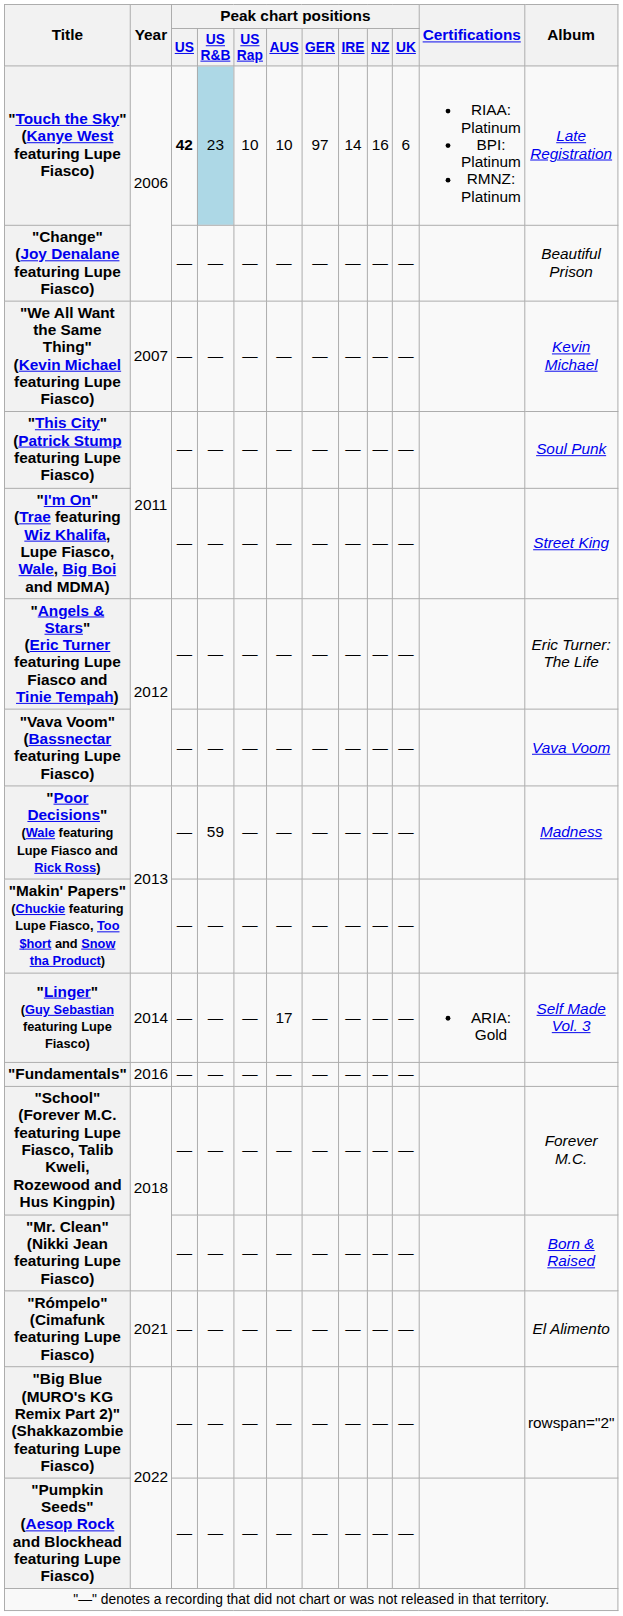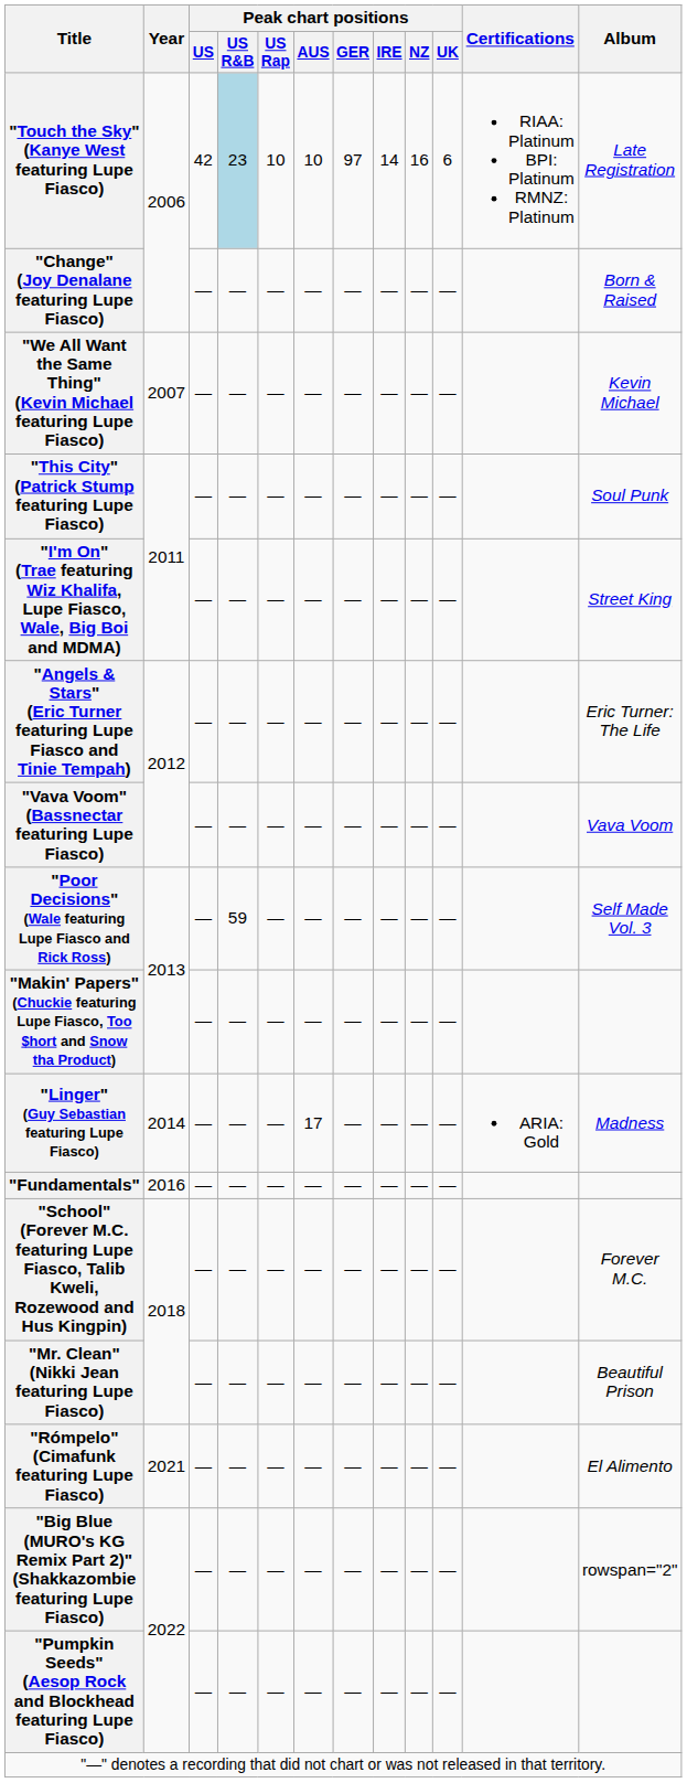 <table class="wikitable plainrowheaders" style="text-align:center;">
 <tr>
 <th scope="col" rowspan="2" style="width:20em;">Title</th>
 <th scope="col" rowspan="2" style="width:1em;">Year</th>
 <th scope="col" colspan="8">Peak chart positions</th>
 <th scope="col" rowspan="2" style="width:12em;"><a href='#'>Certifications</a></th>
 <th scope="col" rowspan="2">Album</th>
 </tr>
 <tr>
 <th style="width:3em;font-size:90%;"><a href='#'>US</a><br></th>
 <th style="width:3em;font-size:90%;"><a href='#'>US<br>R&B</a><br></th>
 <th style="width:3em;font-size:90%;"><a href='#'>US<br>Rap</a><br></th>
 <th style="width:3em;font-size:90%;"><a href='#'>AUS</a><br></th>
 <th style="width:3em;font-size:90%;"><a href='#'>GER</a><br></th>
 <th style="width:3em;font-size:90%;"><a href='#'>IRE</a><br></th>
 <th style="width:3em;font-size:90%;"><a href='#'>NZ</a><br></th>
 <th style="width:3em;font-size:90%;"><a href='#'>UK</a><br></th>
 </tr>
 <tr>
 <th scope="row">"<a href='#'>Touch the Sky</a>"<br><span>(<a href='#'>Kanye West</a> featuring Lupe Fiasco)</span></th>
 <td rowspan="2">2006</td>
-<td><strong>42</strong></td>
+<td>42</td>
 <td style="background: lightblue;">23</td>
 <td>10</td>
 <td>10</td>
 <td>97</td>
 <td>14</td>
 <td>16</td>
 <td>6</td>
 <td><br><ul><li>RIAA: Platinum</li><li>BPI: Platinum</li><li>RMNZ: Platinum</li></ul></td>
 <td><em><a href='#'>Late Registration</a></em></td>
 </tr>
 <tr>
 <th scope="row">"Change"<br><span>(<a href='#'>Joy Denalane</a> featuring Lupe Fiasco)</span></th>
 <td>—</td>
 <td>—</td>
 <td>—</td>
 <td>—</td>
 <td>—</td>
 <td>—</td>
 <td>—</td>
 <td>—</td>
 <td></td>
-<td><em>Beautiful Prison</em></td>
+<td><em><a href='#'>Born & Raised</a></em></td>
 </tr>
 <tr>
 <th scope="row">"We All Want the Same Thing"<br><span>(<a href='#'>Kevin Michael</a> featuring Lupe Fiasco)</span></th>
 <td>2007</td>
 <td>—</td>
 <td>—</td>
 <td>—</td>
 <td>—</td>
 <td>—</td>
 <td>—</td>
 <td>—</td>
 <td>—</td>
 <td></td>
 <td><em><a href='#'>Kevin Michael</a></em></td>
 </tr>
 <tr>
 <th scope="row">"<a href='#'>This City</a>"<br><span>(<a href='#'>Patrick Stump</a> featuring Lupe Fiasco)</span></th>
 <td rowspan="2">2011</td>
 <td>—</td>
 <td>—</td>
 <td>—</td>
 <td>—</td>
 <td>—</td>
 <td>—</td>
 <td>—</td>
 <td>—</td>
 <td></td>
 <td><em><a href='#'>Soul Punk</a></em></td>
 </tr>
 <tr>
 <th scope="row">"<a href='#'>I'm On</a>"<br><span>(<a href='#'>Trae</a> featuring <a href='#'>Wiz Khalifa</a>, Lupe Fiasco, <a href='#'>Wale</a>, <a href='#'>Big Boi</a> and MDMA)</span></th>
 <td>—</td>
 <td>—</td>
 <td>—</td>
 <td>—</td>
 <td>—</td>
 <td>—</td>
 <td>—</td>
 <td>—</td>
 <td></td>
 <td><em><a href='#'>Street King</a></em></td>
 </tr>
 <tr>
 <th scope="row">"<a href='#'>Angels & Stars</a>"<br><span>(<a href='#'>Eric Turner</a> featuring Lupe Fiasco and <a href='#'>Tinie Tempah</a>)</span></th>
 <td rowspan="2">2012</td>
 <td>—</td>
 <td>—</td>
 <td>—</td>
 <td>—</td>
 <td>—</td>
 <td>—</td>
 <td>—</td>
 <td>—</td>
 <td></td>
 <td><em>Eric Turner: The Life</em></td>
 </tr>
 <tr>
 <th scope="row">"Vava Voom"<br><span>(<a href='#'>Bassnectar</a> featuring Lupe Fiasco)</span></th>
 <td>—</td>
 <td>—</td>
 <td>—</td>
 <td>—</td>
 <td>—</td>
 <td>—</td>
 <td>—</td>
 <td>—</td>
 <td></td>
 <td><em><a href='#'>Vava Voom</a></em></td>
 </tr>
 <tr>
 <th scope="row">"<a href='#'>Poor Decisions</a>"<br><small>(<a href='#'>Wale</a> featuring Lupe Fiasco and <a href='#'>Rick Ross</a>)</small></th>
 <td rowspan="2">2013</td>
 <td>—</td>
 <td>59</td>
 <td>—</td>
 <td>—</td>
 <td>—</td>
 <td>—</td>
 <td>—</td>
 <td>—</td>
 <td></td>
-<td><em><a href='#'>Madness</a></em></td>
+<td><em><a href='#'>Self Made Vol. 3</a></em></td>
 </tr>
 <tr>
 <th scope="row">"Makin' Papers"<br><small>(<a href='#'>Chuckie</a> featuring Lupe Fiasco, <a href='#'>Too $hort</a> and <a href='#'>Snow tha Product</a>)</small></th>
 <td>—</td>
 <td>—</td>
 <td>—</td>
 <td>—</td>
 <td>—</td>
 <td>—</td>
 <td>—</td>
 <td>—</td>
 <td></td>
 <td></td>
 </tr>
 <tr>
 <th scope="row">"<a href='#'>Linger</a>"<br><small>(<a href='#'>Guy Sebastian</a> featuring Lupe Fiasco)</small></th>
 <td>2014</td>
 <td>—</td>
 <td>—</td>
 <td>—</td>
 <td>17</td>
 <td>—</td>
 <td>—</td>
 <td>—</td>
 <td>—</td>
 <td><br><ul><li>ARIA: Gold</li></ul></td>
-<td><em><a href='#'>Self Made Vol. 3</a></em></td>
+<td><em><a href='#'>Madness</a></em></td>
 </tr>
 <tr>
 <th scope="row">"Fundamentals"</th>
 <td>2016</td>
 <td>—</td>
 <td>—</td>
 <td>—</td>
 <td>—</td>
 <td>—</td>
 <td>—</td>
 <td>—</td>
 <td>—</td>
 <td></td>
 <td></td>
 </tr>
 <tr>
 <th scope="row">"School"<br><span>(Forever M.C. featuring Lupe Fiasco, Talib Kweli, Rozewood and Hus Kingpin)</span></th>
 <td rowspan="2">2018</td>
 <td>—</td>
 <td>—</td>
 <td>—</td>
 <td>—</td>
 <td>—</td>
 <td>—</td>
 <td>—</td>
 <td>—</td>
 <td></td>
 <td><em>Forever M.C.</em></td>
 </tr>
 <tr>
 <th scope="row">"Mr. Clean"<br><span>(Nikki Jean featuring Lupe Fiasco)</span></th>
 <td>—</td>
 <td>—</td>
 <td>—</td>
 <td>—</td>
 <td>—</td>
 <td>—</td>
 <td>—</td>
 <td>—</td>
 <td></td>
-<td><em><a href='#'>Born & Raised</a></em></td>
+<td><em>Beautiful Prison</em></td>
 </tr>
 <tr>
 <th scope="row">"Rómpelo"<br><span>(Cimafunk featuring Lupe Fiasco)</span></th>
 <td>2021</td>
 <td>—</td>
 <td>—</td>
 <td>—</td>
 <td>—</td>
 <td>—</td>
 <td>—</td>
 <td>—</td>
 <td>—</td>
 <td></td>
 <td><em>El Alimento</em></td>
 </tr>
 <tr>
 <th scope="row">"Big Blue (MURO's KG Remix Part 2)"<br><span>(Shakkazombie featuring Lupe Fiasco)</span></th>
 <td rowspan="2">2022</td>
 <td>—</td>
 <td>—</td>
 <td>—</td>
 <td>—</td>
 <td>—</td>
 <td>—</td>
 <td>—</td>
 <td>—</td>
 <td></td>
 <td>rowspan="2" </td>
 </tr>
 <tr>
 <th scope="row">"Pumpkin Seeds"<br><span>(<a href='#'>Aesop Rock</a> and Blockhead featuring Lupe Fiasco)</span></th>
 <td>—</td>
 <td>—</td>
 <td>—</td>
 <td>—</td>
 <td>—</td>
 <td>—</td>
 <td>—</td>
 <td>—</td>
 <td></td>
 </tr>
 <tr>
 <td colspan="12" style="font-size:90%">"—" denotes a recording that did not chart or was not released in that territory.</td>
 </tr>
 </table>
